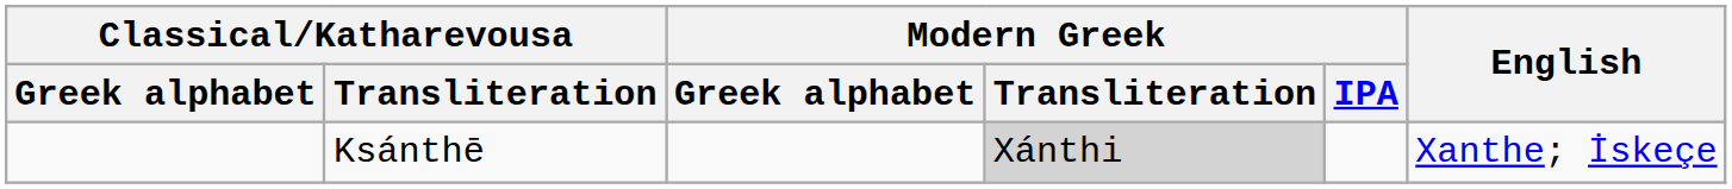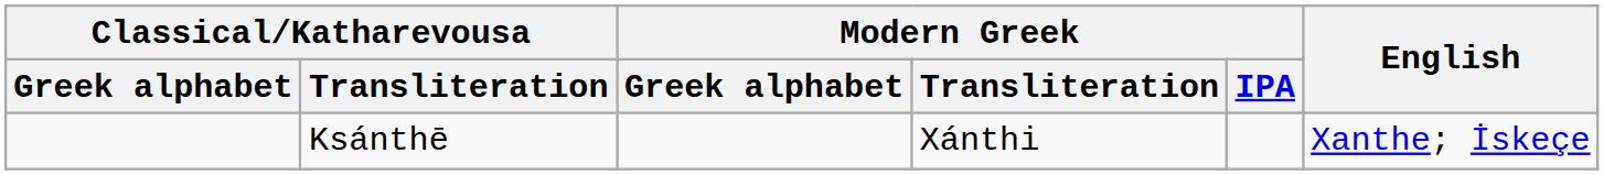 <table class="wikitable">
 <tr>
 <th colspan="2">Classical/Katharevousa</th>
 <th colspan="3">Modern Greek</th>
 <th rowspan="2">English</th>
 </tr>
 <tr>
 <th>Greek alphabet</th>
 <th>Transliteration</th>
 <th>Greek alphabet</th>
 <th>Transliteration</th>
 <th><a href='#'>IPA</a></th>
 </tr>
 <tr>
 <td></td>
 <td>Ksánthē</td>
 <td></td>
-<td style="background: lightgrey;">Xánthi</td>
+<td>Xánthi</td>
 <td></td>
 <td><a href='#'>Xanthe</a>; <a href='#'>İskeçe</a></td>
 </tr>
 </table>
